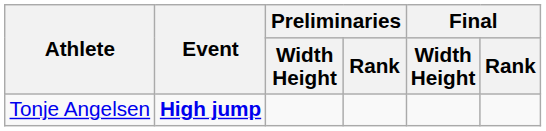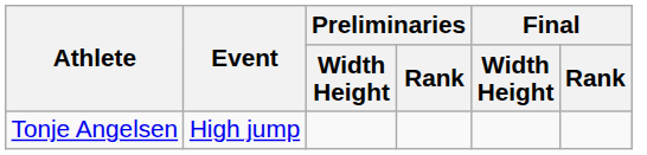 <table class=wikitable style="font-size:90%;">
 <tr>
 <th rowspan="2">Athlete</th>
 <th rowspan="2">Event</th>
 <th colspan="2">Preliminaries</th>
 <th colspan="2">Final</th>
 </tr>
 <tr>
 <th>Width<br>Height</th>
 <th>Rank</th>
 <th>Width<br>Height</th>
 <th>Rank</th>
 </tr>
 <tr style="border-top: single;">
 <td><a href='#'>Tonje Angelsen</a></td>
-<td><strong><a href='#'>High jump</a></strong></td>
+<td><a href='#'>High jump</a></td>
 <td align=center></td>
 <td align=center></td>
 <td align=center></td>
 <td align=center></td>
 </tr>
 </table>
